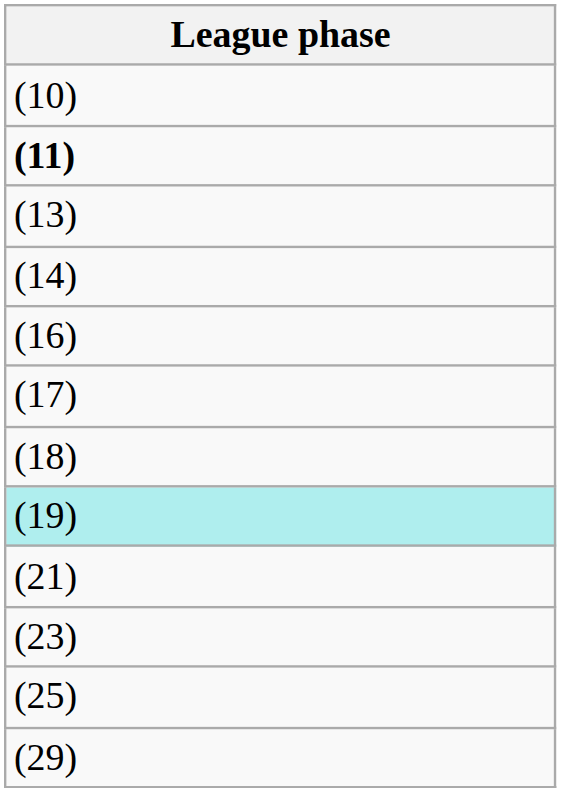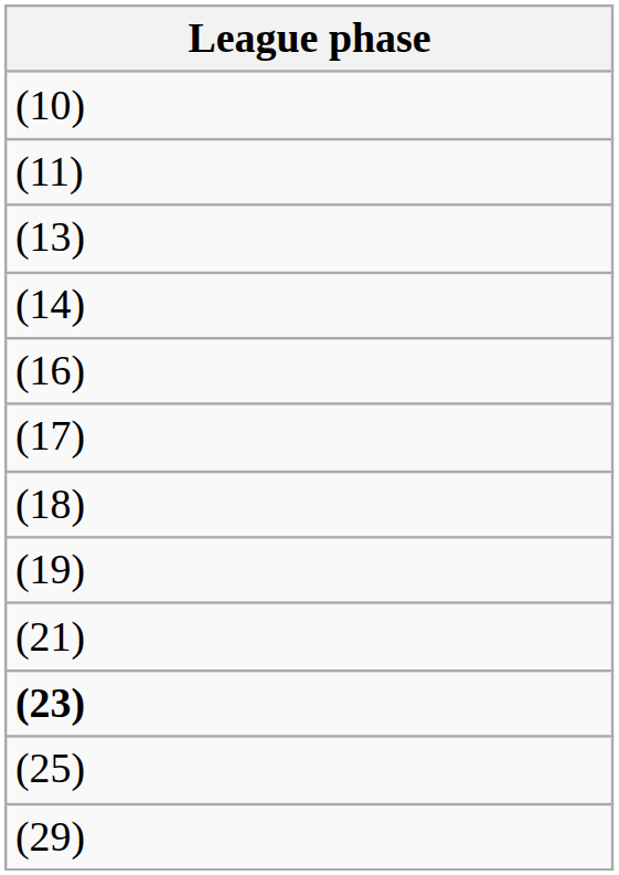 <table class="wikitable">
 <tr>
 <th width=225>League phase</th>
 </tr>
 <tr>
 <td> (10)</td>
 </tr>
 <tr>
-<td><strong> (11)</strong></td>
+<td> (11)</td>
 </tr>
 <tr>
 <td> (13)</td>
 </tr>
 <tr>
 <td> (14)</td>
 </tr>
 <tr>
 <td> (16)</td>
 </tr>
 <tr>
 <td> (17)</td>
 </tr>
 <tr>
 <td> (18)</td>
 </tr>
 <tr>
-<td style="background: paleturquoise;"> (19)</td>
+<td> (19)</td>
 </tr>
 <tr>
 <td> (21)</td>
 </tr>
 <tr>
-<td> (23)</td>
+<td><strong> (23)</strong></td>
 </tr>
 <tr>
 <td> (25)</td>
 </tr>
 <tr>
 <td> (29)</td>
 </tr>
 <tr>
 </tr>
 </table>
